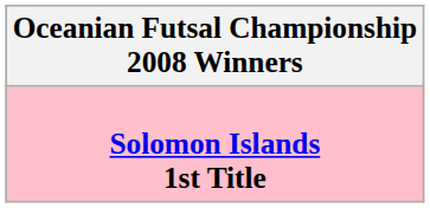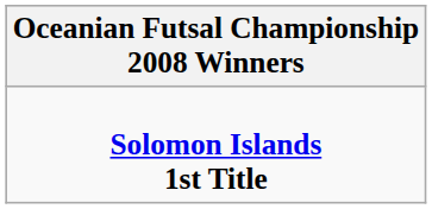 <table class="wikitable" style="text-align: center; margin: 0 auto;">
 <tr>
 <th>Oceanian Futsal Championship <br>2008 Winners</th>
 </tr>
 <tr>
-<td style="background: pink;"><br><strong><a href='#'>Solomon Islands</a></strong><br><strong>1st Title</strong></td>
+<td><br><strong><a href='#'>Solomon Islands</a></strong><br><strong>1st Title</strong></td>
 </tr>
 </table>
